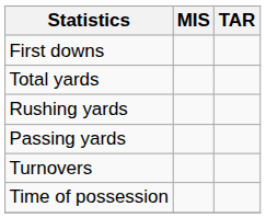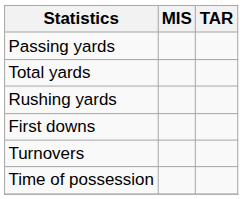 <table class="wikitable" style="float: left;">
 <tr>
 <th>Statistics</th>
 <th>MIS</th>
 <th>TAR</th>
 </tr>
 <tr>
-<td>First downs</td>
+<td>Passing yards</td>
 <td></td>
 <td></td>
 </tr>
 <tr>
 <td>Total yards</td>
 <td></td>
 <td></td>
 </tr>
 <tr>
 <td>Rushing yards</td>
 <td></td>
 <td></td>
 </tr>
 <tr>
-<td>Passing yards</td>
+<td>First downs</td>
 <td></td>
 <td></td>
 </tr>
 <tr>
 <td>Turnovers</td>
 <td></td>
 <td></td>
 </tr>
 <tr>
 <td>Time of possession</td>
 <td></td>
 <td></td>
 </tr>
 <tr>
 </tr>
 </table>
